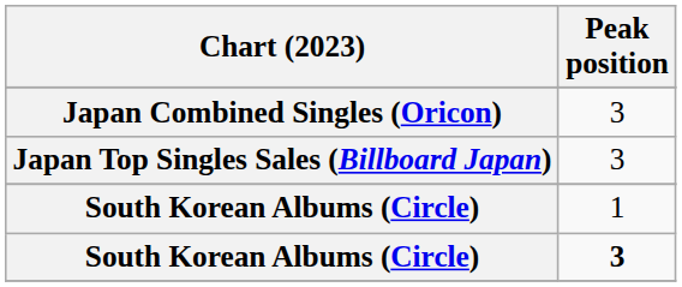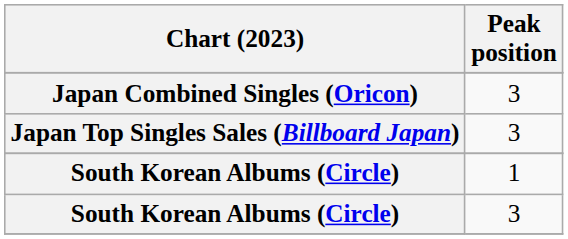 <table class="wikitable sortable plainrowheaders" style="text-align:center;">
 <tr>
 <th scope="col">Chart (2023)</th>
 <th scope="col">Peak<br>position</th>
 </tr>
 <tr>
 </tr>
 <tr>
 </tr>
 <tr>
 </tr>
 <tr>
 </tr>
 <tr>
 <th scope="row">Japan Combined Singles (<a href='#'>Oricon</a>)</th>
 <td>3</td>
 </tr>
 <tr>
 <th scope="row">Japan Top Singles Sales (<em><a href='#'>Billboard Japan</a></em>)</th>
 <td>3</td>
 </tr>
 <tr>
 </tr>
 <tr>
 <th scope="row">South Korean Albums (<a href='#'>Circle</a>)</th>
 <td>1</td>
 </tr>
 <tr>
 <th scope="row">South Korean Albums (<a href='#'>Circle</a>)<br></th>
-<td><strong>3</strong></td>
+<td>3</td>
 </tr>
 <tr>
 </tr>
 </table>
